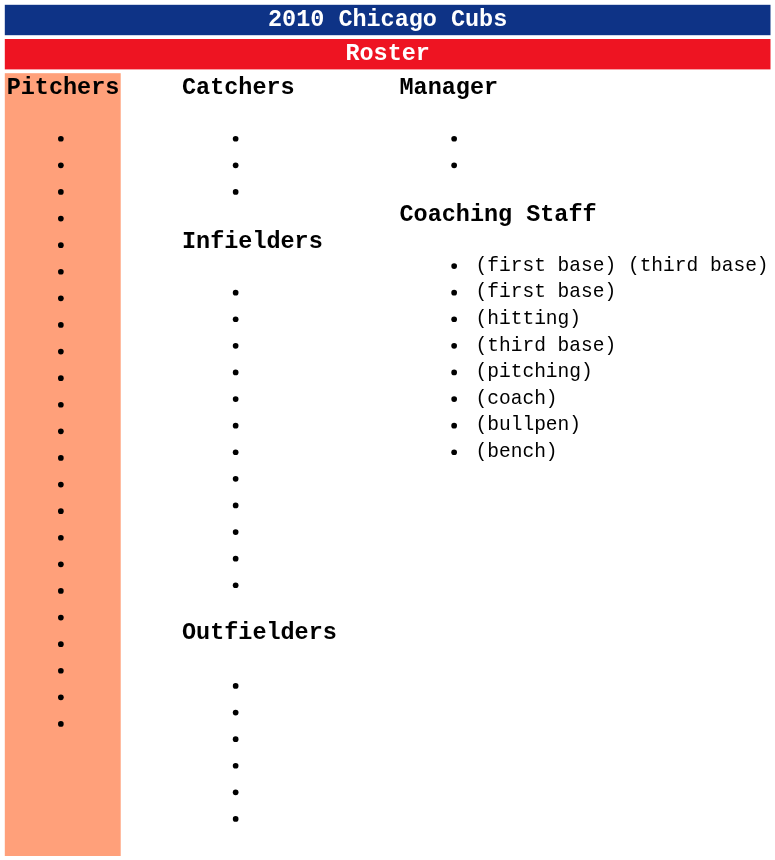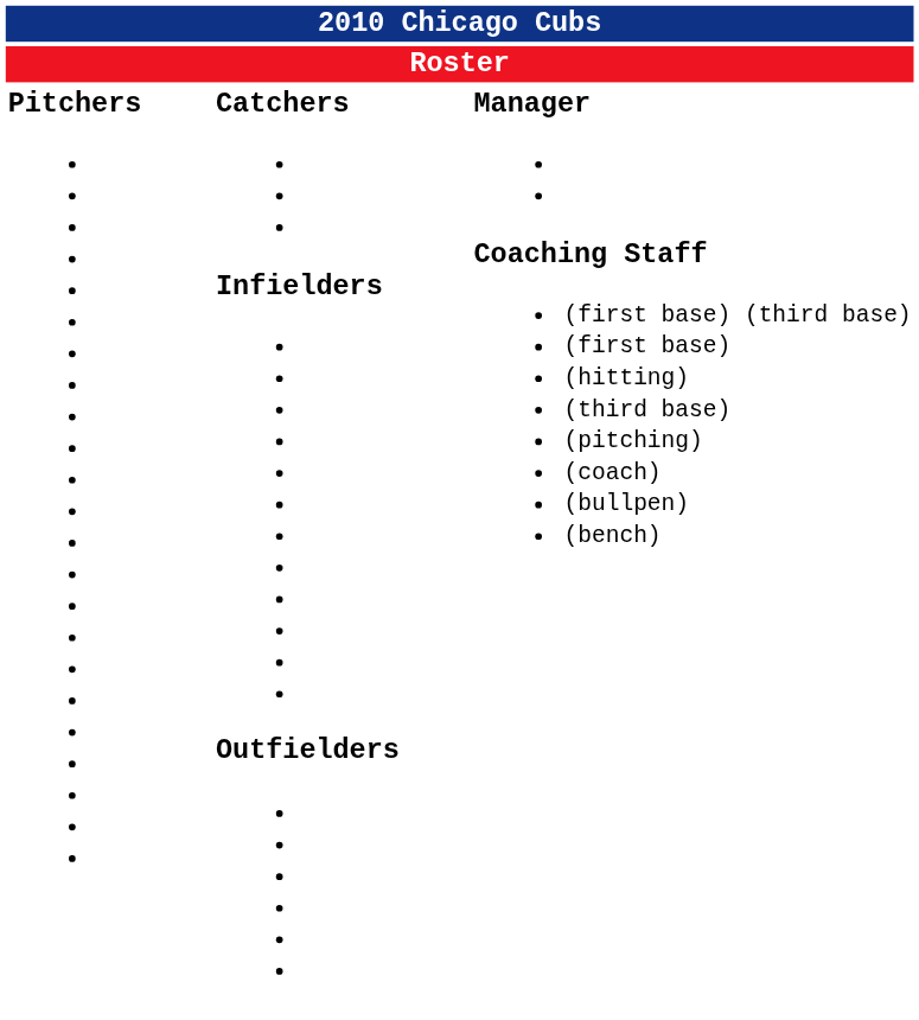 <table class="toccolours" style="font-size: 95%;">
 <tr>
 <th colspan="10" style="background-color: #0e3386; color: white; text-align: center;">2010 Chicago Cubs</th>
 </tr>
 <tr>
 <td colspan="10" style="background-color: #EE1422; color: white; text-align: center;"><strong>Roster</strong></td>
 </tr>
 <tr>
-<td valign="top" style="background: lightsalmon;"><strong>Pitchers</strong><br><ul><li></li><li></li><li></li><li></li><li></li><li></li><li></li><li></li><li></li><li></li><li></li><li></li><li></li><li></li><li></li><li></li><li></li><li></li><li></li><li></li><li></li><li></li><li></li></ul></td>
+<td valign="top"><strong>Pitchers</strong><br><ul><li></li><li></li><li></li><li></li><li></li><li></li><li></li><li></li><li></li><li></li><li></li><li></li><li></li><li></li><li></li><li></li><li></li><li></li><li></li><li></li><li></li><li></li><li></li></ul></td>
 <td width="25px"></td>
 <td valign="top"><strong>Catchers</strong><br><ul><li></li><li></li><li></li></ul><strong>Infielders</strong><ul><li></li><li></li><li></li><li></li><li></li><li></li><li></li><li></li><li></li><li></li><li></li><li></li></ul><strong>Outfielders</strong><ul><li></li><li></li><li></li><li></li><li></li><li></li></ul></td>
 <td width="25px"></td>
 <td valign="top"><strong>Manager</strong><br><ul><li></li><li></li></ul><strong>Coaching Staff</strong><ul><li> <small>(first base) (third base)</small></li><li> <small>(first base)</small></li><li> <small>(hitting)</small></li><li> <small>(third base)</small></li><li> <small>(pitching)</small></li><li> <small>(coach)</small></li><li> <small>(bullpen)</small></li><li> <small>(bench)</small></li></ul></td>
 </tr>
 </table>
